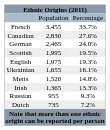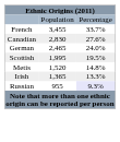 <table cellpadding="1" style="float:right; margin:0 1em 1em 0; border:1px #bbb solid; border-collapse:collapse; font-size:70%;  margin:10px">
 <tr style="text-align:center; background:#8899aa;">
 <th colspan=3>Ethnic Origins (2011)</th>
 </tr>
 <tr style="text-align:center; background:#abc;">
 <td></td>
 <td>Population</td>
 <td>Percentage</td>
 </tr>
 <tr style="text-align:center;">
 <td>French</td>
 <td>3,455</td>
 <td>33.7%</td>
 </tr>
 <tr style="text-align:center; background:#eee;">
 <td>Canadian</td>
 <td>2,830</td>
 <td>27.6%</td>
 </tr>
 <tr style="text-align:center;">
 <td>German</td>
 <td>2,465</td>
 <td>24.0%</td>
 </tr>
 <tr style="text-align:center; background:#eee;">
 <td>Scottish</td>
 <td>1,995</td>
 <td>19.5%</td>
 </tr>
 <tr style="text-align:center;">
-<td>English</td>
-<td>1,975</td>
-<td>19.3%</td>
-</tr>
-<tr style="text-align:center; background:#eee;">
-<td>Ukrainian</td>
-<td>1,655</td>
-<td>16.1%</td>
-</tr>
-<tr style="text-align:center;">
 <td>Metis</td>
 <td>1,520</td>
 <td>14.8%</td>
 </tr>
 <tr style="text-align:center; background:#eee;">
 <td>Irish</td>
 <td>1,365</td>
 <td>13.3%</td>
 </tr>
 <tr style="text-align:center;">
 <td>Russian</td>
 <td>955</td>
-<td>9.3%</td>
-</tr>
-<tr style="text-align:center; background:#eee;">
-<td>Dutch</td>
-<td>735</td>
-<td>7.2%</td>
+<td style="background: lavender;">9.3%</td>
 </tr>
 <tr style="text-align:center; background:#8899aa;">
 <th colspan=3>Note that more than one ethnic<br>origin can be  reported per person</th>
 </tr>
 </table>
